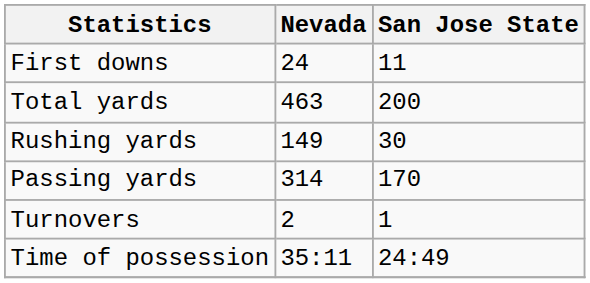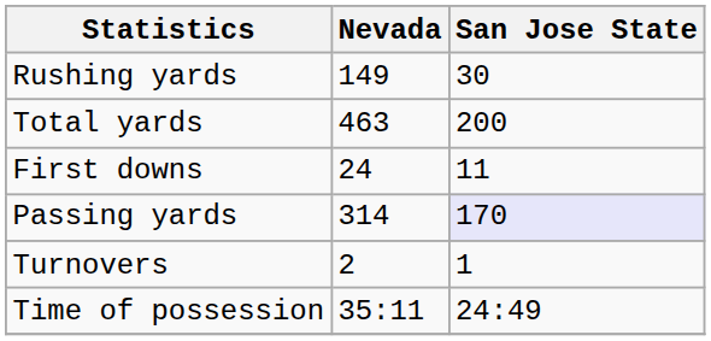 <table class="wikitable">
 <tr>
 <th>Statistics</th>
 <th>Nevada</th>
 <th>San Jose State</th>
 </tr>
 <tr>
-<td>First downs</td>
-<td>24</td>
-<td>11</td>
+<td>Rushing yards</td>
+<td>149</td>
+<td>30</td>
 </tr>
 <tr>
 <td>Total yards</td>
 <td>463</td>
 <td>200</td>
 </tr>
 <tr>
-<td>Rushing yards</td>
-<td>149</td>
-<td>30</td>
+<td>First downs</td>
+<td>24</td>
+<td>11</td>
 </tr>
 <tr>
 <td>Passing yards</td>
 <td>314</td>
-<td>170</td>
+<td style="background: lavender;">170</td>
 </tr>
 <tr>
 <td>Turnovers</td>
 <td>2</td>
 <td>1</td>
 </tr>
 <tr>
 <td>Time of possession</td>
 <td>35:11</td>
 <td>24:49</td>
 </tr>
 <tr>
 </tr>
 </table>
